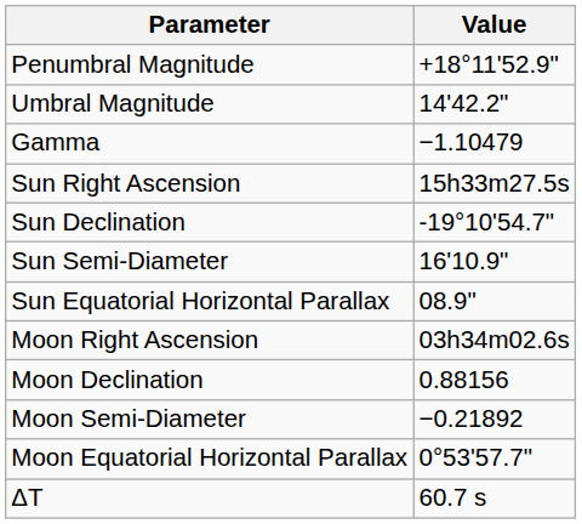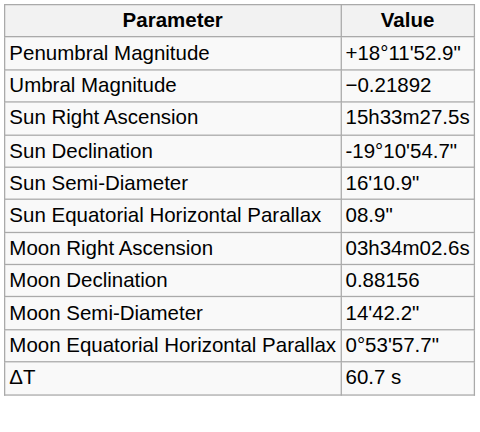 <table class="wikitable">
 <tr>
 <th>Parameter</th>
 <th>Value</th>
 </tr>
 <tr>
 <td>Penumbral Magnitude</td>
 <td>+18°11'52.9"</td>
 </tr>
 <tr>
 <td>Umbral Magnitude</td>
-<td>14'42.2"</td>
-</tr>
-<tr>
-<td>Gamma</td>
-<td>−1.10479</td>
+<td>−0.21892</td>
 </tr>
 <tr>
 <td>Sun Right Ascension</td>
 <td>15h33m27.5s</td>
 </tr>
 <tr>
 <td>Sun Declination</td>
 <td>-19°10'54.7"</td>
 </tr>
 <tr>
 <td>Sun Semi-Diameter</td>
 <td>16'10.9"</td>
 </tr>
 <tr>
 <td>Sun Equatorial Horizontal Parallax</td>
 <td>08.9"</td>
 </tr>
 <tr>
 <td>Moon Right Ascension</td>
 <td>03h34m02.6s</td>
 </tr>
 <tr>
 <td>Moon Declination</td>
 <td>0.88156</td>
 </tr>
 <tr>
 <td>Moon Semi-Diameter</td>
-<td>−0.21892</td>
+<td>14'42.2"</td>
 </tr>
 <tr>
 <td>Moon Equatorial Horizontal Parallax</td>
 <td>0°53'57.7"</td>
 </tr>
 <tr>
 <td>ΔT</td>
 <td>60.7 s</td>
 </tr>
 </table>
